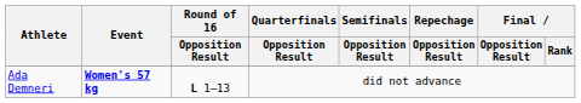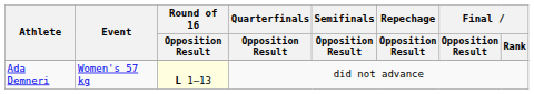 <table class="wikitable" style="font-size:90%">
 <tr>
 <th rowspan="2">Athlete</th>
 <th rowspan="2">Event</th>
 <th>Round of 16</th>
 <th>Quarterfinals</th>
 <th>Semifinals</th>
 <th>Repechage</th>
 <th colspan=2>Final / </th>
 </tr>
 <tr style="font-size:95%">
 <th>Opposition<br>Result</th>
 <th>Opposition<br>Result</th>
 <th>Opposition<br>Result</th>
 <th>Opposition<br>Result</th>
 <th>Opposition<br>Result</th>
 <th>Rank</th>
 </tr>
 <tr align=center>
 </tr>
 <tr align=center>
 <td align=left><a href='#'>Ada Demneri</a></td>
-<td align=left><strong><a href='#'>Women's 57 kg</a></strong></td>
-<td><br><strong>L</strong> 1–13</td>
+<td align=left><a href='#'>Women's 57 kg</a></td>
+<td style="background: lightyellow;"><br><strong>L</strong> 1–13</td>
 <td colspan=5>did not advance</td>
 </tr>
 </table>
